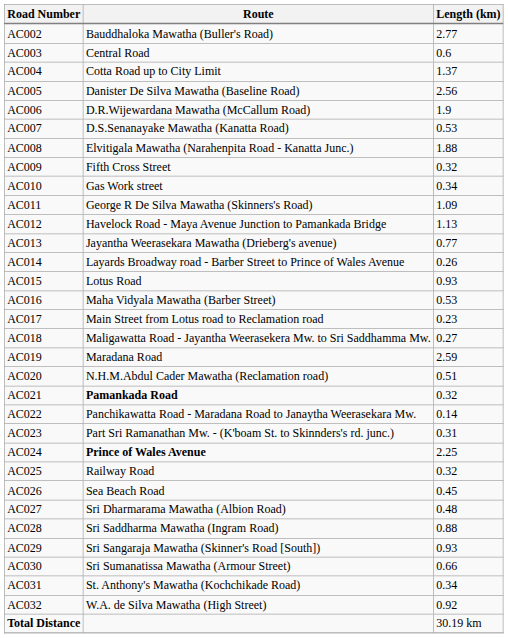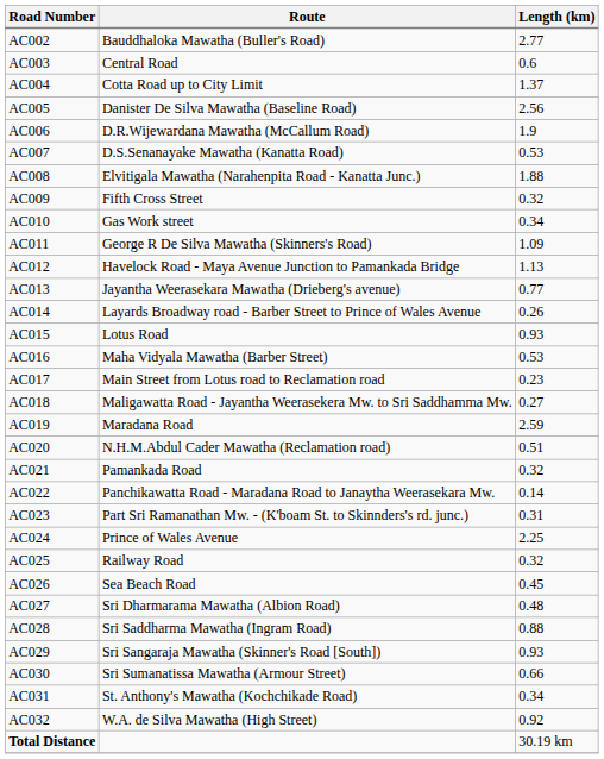 <table class="wikitable sortable align=left border=1 cellpadding=6 cellspacing=0 style="margin: 0 0 0 1em; background: #ffffff; border: 1px #aaaaaa solid; border-collapse: collapse; text-align:left; font-size: 95%;">
 <tr style="text-align:center; background: #efefef; border-bottom:2px solid gray;">
 <th>Road Number</th>
 <th>Route</th>
 <th>Length (km)</th>
 </tr>
 <tr>
 <td>AC002</td>
 <td>Bauddhaloka Mawatha (Buller's Road)</td>
 <td>2.77</td>
 </tr>
 <tr>
 <td>AC003</td>
 <td>Central Road</td>
 <td>0.6</td>
 </tr>
 <tr>
 <td>AC004</td>
 <td>Cotta Road up to City Limit</td>
 <td>1.37</td>
 </tr>
 <tr>
 <td>AC005</td>
 <td>Danister De Silva Mawatha (Baseline Road)</td>
 <td>2.56</td>
 </tr>
 <tr>
 <td>AC006</td>
 <td>D.R.Wijewardana Mawatha (McCallum Road)</td>
 <td>1.9</td>
 </tr>
 <tr>
 <td>AC007</td>
 <td>D.S.Senanayake Mawatha (Kanatta Road)</td>
 <td>0.53</td>
 </tr>
 <tr>
 <td>AC008</td>
 <td>Elvitigala Mawatha (Narahenpita Road - Kanatta Junc.)</td>
 <td>1.88</td>
 </tr>
 <tr>
 <td>AC009</td>
 <td>Fifth Cross Street</td>
 <td>0.32</td>
 </tr>
 <tr>
 <td>AC010</td>
 <td>Gas Work street</td>
 <td>0.34</td>
 </tr>
 <tr>
 <td>AC011</td>
 <td>George R De Silva Mawatha (Skinners's Road)</td>
 <td>1.09</td>
 </tr>
 <tr>
 <td>AC012</td>
 <td>Havelock Road - Maya Avenue Junction to Pamankada Bridge</td>
 <td>1.13</td>
 </tr>
 <tr>
 <td>AC013</td>
 <td>Jayantha Weerasekara Mawatha (Drieberg's avenue)</td>
 <td>0.77</td>
 </tr>
 <tr>
 <td>AC014</td>
 <td>Layards Broadway road - Barber Street to Prince of Wales Avenue</td>
 <td>0.26</td>
 </tr>
 <tr>
 <td>AC015</td>
 <td>Lotus Road</td>
 <td>0.93</td>
 </tr>
 <tr>
 <td>AC016</td>
 <td>Maha Vidyala Mawatha (Barber Street)</td>
 <td>0.53</td>
 </tr>
 <tr>
 <td>AC017</td>
 <td>Main Street from Lotus road to Reclamation road</td>
 <td>0.23</td>
 </tr>
 <tr>
 <td>AC018</td>
 <td>Maligawatta Road - Jayantha Weerasekera Mw. to Sri Saddhamma Mw.</td>
 <td>0.27</td>
 </tr>
 <tr>
 <td>AC019</td>
 <td>Maradana Road</td>
 <td>2.59</td>
 </tr>
 <tr>
 <td>AC020</td>
 <td>N.H.M.Abdul Cader Mawatha (Reclamation road)</td>
 <td>0.51</td>
 </tr>
 <tr>
 <td>AC021</td>
-<td><strong>Pamankada Road</strong></td>
+<td>Pamankada Road</td>
 <td>0.32</td>
 </tr>
 <tr>
 <td>AC022</td>
 <td>Panchikawatta Road - Maradana Road to Janaytha Weerasekara Mw.</td>
 <td>0.14</td>
 </tr>
 <tr>
 <td>AC023</td>
 <td>Part Sri Ramanathan Mw. - (K'boam St. to Skinnders's rd. junc.)</td>
 <td>0.31</td>
 </tr>
 <tr>
 <td>AC024</td>
-<td><strong>Prince of Wales Avenue</strong></td>
+<td>Prince of Wales Avenue</td>
 <td>2.25</td>
 </tr>
 <tr>
 <td>AC025</td>
 <td>Railway Road</td>
 <td>0.32</td>
 </tr>
 <tr>
 <td>AC026</td>
 <td>Sea Beach Road</td>
 <td>0.45</td>
 </tr>
 <tr>
 <td>AC027</td>
 <td>Sri Dharmarama Mawatha (Albion Road)</td>
 <td>0.48</td>
 </tr>
 <tr>
 <td>AC028</td>
 <td>Sri Saddharma Mawatha (Ingram Road)</td>
 <td>0.88</td>
 </tr>
 <tr>
 <td>AC029</td>
 <td>Sri Sangaraja Mawatha (Skinner's Road [South])</td>
 <td>0.93</td>
 </tr>
 <tr>
 <td>AC030</td>
 <td>Sri Sumanatissa Mawatha (Armour Street)</td>
 <td>0.66</td>
 </tr>
 <tr>
 <td>AC031</td>
 <td>St. Anthony's Mawatha (Kochchikade Road)</td>
 <td>0.34</td>
 </tr>
 <tr>
 <td>AC032</td>
 <td>W.A. de Silva Mawatha (High Street)</td>
 <td>0.92</td>
 </tr>
 <tr>
 <td><strong>Total Distance</strong></td>
 <td></td>
 <td>30.19 km</td>
 </tr>
 <tr>
 </tr>
 </table>
